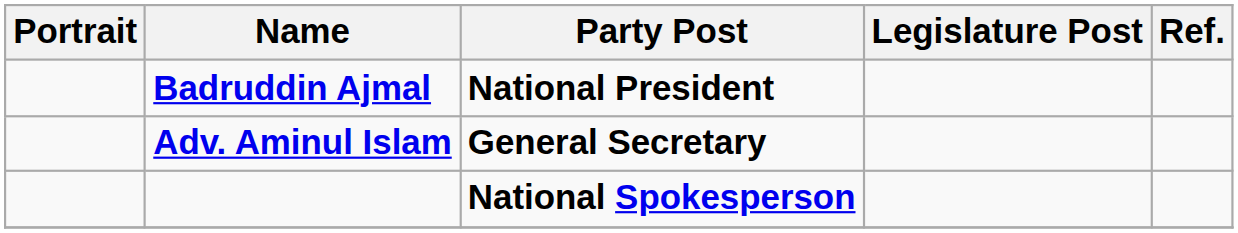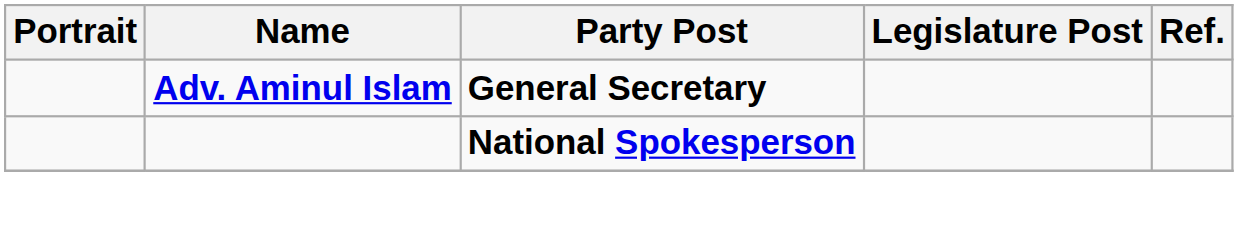 <table class="wikitable sortable">
 <tr>
 <th Style="background-color:">Portrait</th>
 <th ! Style="background-color:">Name</th>
 <th ! Style="background-color:">Party Post</th>
 <th ! Style="background-color:">Legislature Post</th>
 <th ! Style="background-color:">Ref.</th>
-</tr>
-<tr>
-<td></td>
-<td><strong><a href='#'>Badruddin Ajmal</a></strong></td>
-<td><strong>National President</strong></td>
-<td></td>
-<td></td>
 </tr>
 <tr>
 <td></td>
 <td><strong><a href='#'>Adv. Aminul Islam</a></strong></td>
 <td><strong>General Secretary</strong></td>
 <td></td>
 <td></td>
 </tr>
 <tr>
 <td></td>
 <td></td>
 <td><strong>National <a href='#'>Spokesperson</a></strong></td>
 <td></td>
 <td></td>
 </tr>
 <tr>
 </tr>
 </table>
